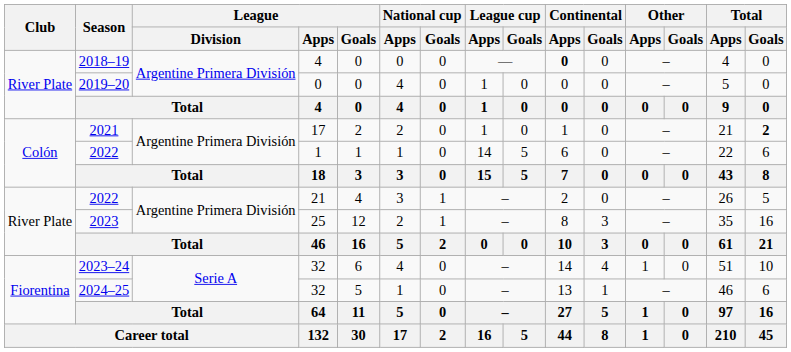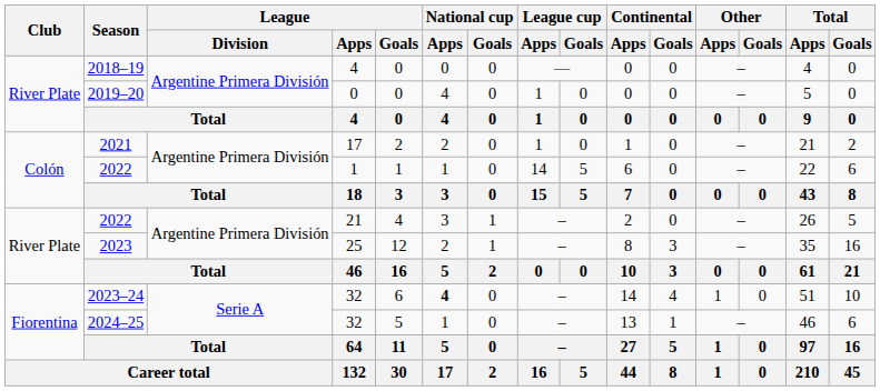 <table class="wikitable" style="text-align:center">
 <tr>
 <th rowspan="2">Club</th>
 <th rowspan="2">Season</th>
 <th colspan="3">League</th>
 <th colspan="2">National cup</th>
 <th colspan="2">League cup</th>
 <th colspan="2">Continental</th>
 <th colspan="2">Other</th>
 <th colspan="2">Total</th>
 </tr>
 <tr>
 <th>Division</th>
 <th>Apps</th>
 <th>Goals</th>
 <th>Apps</th>
 <th>Goals</th>
 <th>Apps</th>
 <th>Goals</th>
 <th>Apps</th>
 <th>Goals</th>
 <th>Apps</th>
 <th>Goals</th>
 <th>Apps</th>
 <th>Goals</th>
 </tr>
 <tr>
 <td rowspan="3"><a href='#'>River Plate</a></td>
 <td><a href='#'>2018–19</a></td>
 <td rowspan="2"><a href='#'>Argentine Primera División</a></td>
 <td>4</td>
 <td>0</td>
 <td>0</td>
 <td>0</td>
 <td colspan="2">—</td>
-<td><strong>0</strong></td>
+<td>0</td>
 <td>0</td>
 <td colspan="2">–</td>
 <td>4</td>
 <td>0</td>
 </tr>
 <tr>
 <td><a href='#'>2019–20</a></td>
 <td>0</td>
 <td>0</td>
 <td>4</td>
 <td>0</td>
 <td>1</td>
 <td>0</td>
 <td>0</td>
 <td>0</td>
 <td colspan="2">–</td>
 <td>5</td>
 <td>0</td>
 </tr>
 <tr>
 <th colspan="2">Total</th>
 <th>4</th>
 <th>0</th>
 <th>4</th>
 <th>0</th>
 <th>1</th>
 <th>0</th>
 <th>0</th>
 <th>0</th>
 <th>0</th>
 <th>0</th>
 <th>9</th>
 <th>0</th>
 </tr>
 <tr>
 <td rowspan="3"><a href='#'>Colón</a></td>
 <td><a href='#'>2021</a></td>
 <td rowspan="2">Argentine Primera División</td>
 <td>17</td>
 <td>2</td>
 <td>2</td>
 <td>0</td>
 <td>1</td>
 <td>0</td>
 <td>1</td>
 <td>0</td>
 <td colspan="2">–</td>
 <td>21</td>
-<td><strong>2</strong></td>
+<td>2</td>
 </tr>
 <tr>
 <td><a href='#'>2022</a></td>
 <td>1</td>
 <td>1</td>
 <td>1</td>
 <td>0</td>
 <td>14</td>
 <td>5</td>
 <td>6</td>
 <td>0</td>
 <td colspan="2">–</td>
 <td>22</td>
 <td>6</td>
 </tr>
 <tr>
 <th colspan="2">Total</th>
 <th>18</th>
 <th>3</th>
 <th>3</th>
 <th>0</th>
 <th>15</th>
 <th>5</th>
 <th>7</th>
 <th>0</th>
 <th>0</th>
 <th>0</th>
 <th>43</th>
 <th>8</th>
 </tr>
 <tr>
 <td rowspan="3">River Plate</td>
 <td><a href='#'>2022</a></td>
 <td rowspan="2">Argentine Primera División</td>
 <td>21</td>
 <td>4</td>
 <td>3</td>
 <td>1</td>
 <td colspan="2">–</td>
 <td>2</td>
 <td>0</td>
 <td colspan="2">–</td>
 <td>26</td>
 <td>5</td>
 </tr>
 <tr>
 <td><a href='#'>2023</a></td>
 <td>25</td>
 <td>12</td>
 <td>2</td>
 <td>1</td>
 <td colspan="2">–</td>
 <td>8</td>
 <td>3</td>
 <td colspan="2">–</td>
 <td>35</td>
 <td>16</td>
 </tr>
 <tr>
 <th colspan="2">Total</th>
 <th>46</th>
 <th>16</th>
 <th>5</th>
 <th>2</th>
 <th>0</th>
 <th>0</th>
 <th>10</th>
 <th>3</th>
 <th>0</th>
 <th>0</th>
 <th>61</th>
 <th>21</th>
 </tr>
 <tr>
 <td rowspan="3"><a href='#'>Fiorentina</a></td>
 <td><a href='#'>2023–24</a></td>
 <td rowspan="2"><a href='#'>Serie A</a></td>
 <td>32</td>
 <td>6</td>
-<td>4</td>
+<td><strong>4</strong></td>
 <td>0</td>
 <td colspan="2">–</td>
 <td>14</td>
 <td>4</td>
 <td>1</td>
 <td>0</td>
 <td>51</td>
 <td>10</td>
 </tr>
 <tr>
 <td><a href='#'>2024–25</a></td>
 <td>32</td>
 <td>5</td>
 <td>1</td>
 <td>0</td>
 <td colspan="2">–</td>
 <td>13</td>
 <td>1</td>
 <td colspan="2">–</td>
 <td>46</td>
 <td>6</td>
 </tr>
 <tr>
 <th colspan="2">Total</th>
 <th>64</th>
 <th>11</th>
 <th>5</th>
 <th>0</th>
 <th colspan="2">–</th>
 <th>27</th>
 <th>5</th>
 <th>1</th>
 <th>0</th>
 <th>97</th>
 <th>16</th>
 </tr>
 <tr>
 <th colspan="3">Career total</th>
 <th>132</th>
 <th>30</th>
 <th>17</th>
 <th>2</th>
 <th>16</th>
 <th>5</th>
 <th>44</th>
 <th>8</th>
 <th>1</th>
 <th>0</th>
 <th>210</th>
 <th>45</th>
 </tr>
 </table>
